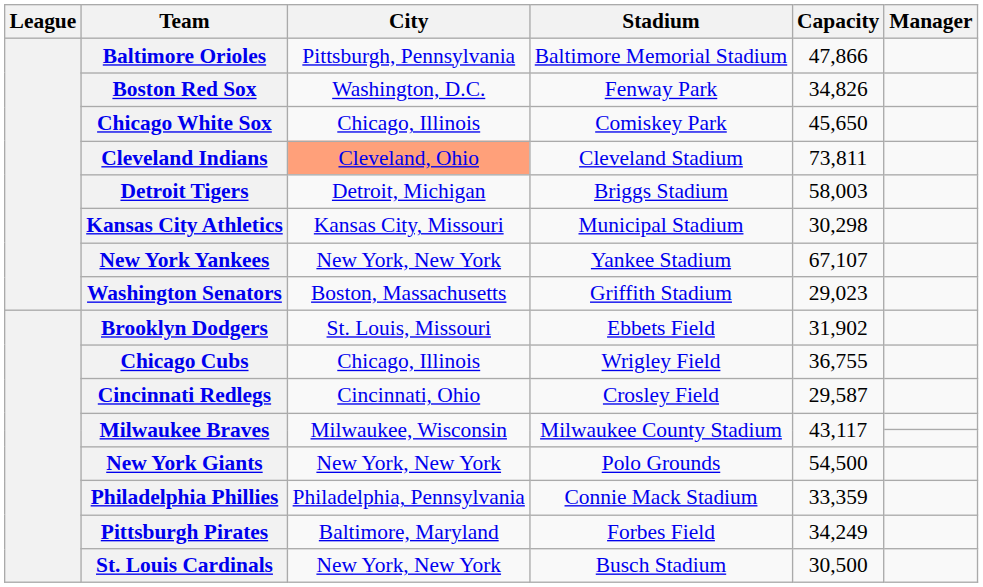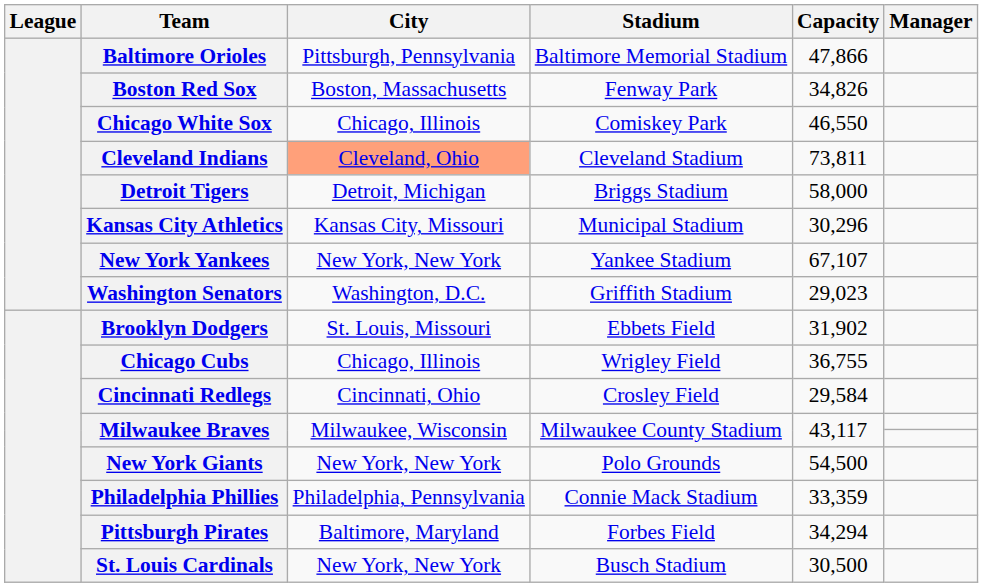 <table class="wikitable sortable plainrowheaders" style="text-align:center;">
 <tr>
 <th scope="col">League</th>
 <th scope="col">Team</th>
 <th scope="col">City</th>
 <th scope="col">Stadium</th>
 <th scope="col">Capacity</th>
 <th scope="col">Manager</th>
 </tr>
 <tr>
 <th rowspan="8"></th>
 <th scope="row"><a href='#'>Baltimore Orioles</a></th>
 <td><a href='#'>Pittsburgh, Pennsylvania</a></td>
 <td><a href='#'>Baltimore Memorial Stadium</a></td>
 <td>47,866</td>
 <td></td>
 </tr>
 <tr>
 <th scope="row"><a href='#'>Boston Red Sox</a></th>
-<td><a href='#'>Washington, D.C.</a></td>
+<td><a href='#'>Boston, Massachusetts</a></td>
 <td><a href='#'>Fenway Park</a></td>
 <td>34,826</td>
 <td></td>
 </tr>
 <tr>
 <th scope="row"><a href='#'>Chicago White Sox</a></th>
 <td><a href='#'>Chicago, Illinois</a></td>
 <td><a href='#'>Comiskey Park</a></td>
-<td>45,650</td>
+<td>46,550</td>
 <td></td>
 </tr>
 <tr>
 <th scope="row"><a href='#'>Cleveland Indians</a></th>
 <td style="background: lightsalmon;"><a href='#'>Cleveland, Ohio</a></td>
 <td><a href='#'>Cleveland Stadium</a></td>
 <td>73,811</td>
 <td></td>
 </tr>
 <tr>
 <th scope="row"><a href='#'>Detroit Tigers</a></th>
 <td><a href='#'>Detroit, Michigan</a></td>
 <td><a href='#'>Briggs Stadium</a></td>
-<td>58,003</td>
+<td>58,000</td>
 <td></td>
 </tr>
 <tr>
 <th scope="row"><a href='#'>Kansas City Athletics</a></th>
 <td><a href='#'>Kansas City, Missouri</a></td>
 <td><a href='#'>Municipal Stadium</a></td>
-<td>30,298</td>
+<td>30,296</td>
 <td></td>
 </tr>
 <tr>
 <th scope="row"><a href='#'>New York Yankees</a></th>
 <td><a href='#'>New York, New York</a></td>
 <td><a href='#'>Yankee Stadium</a></td>
 <td>67,107</td>
 <td></td>
 </tr>
 <tr>
 <th scope="row"><a href='#'>Washington Senators</a></th>
-<td><a href='#'>Boston, Massachusetts</a></td>
+<td><a href='#'>Washington, D.C.</a></td>
 <td><a href='#'>Griffith Stadium</a></td>
 <td>29,023</td>
 <td></td>
 </tr>
 <tr>
 <th rowspan="9"></th>
 <th scope="row"><a href='#'>Brooklyn Dodgers</a></th>
 <td><a href='#'>St. Louis, Missouri</a></td>
 <td><a href='#'>Ebbets Field</a></td>
 <td>31,902</td>
 <td></td>
 </tr>
 <tr>
 <th scope="row"><a href='#'>Chicago Cubs</a></th>
 <td><a href='#'>Chicago, Illinois</a></td>
 <td><a href='#'>Wrigley Field</a></td>
 <td>36,755</td>
 <td></td>
 </tr>
 <tr>
 <th scope="row"><a href='#'>Cincinnati Redlegs</a></th>
 <td><a href='#'>Cincinnati, Ohio</a></td>
 <td><a href='#'>Crosley Field</a></td>
-<td>29,587</td>
+<td>29,584</td>
 <td></td>
 </tr>
 <tr>
 <th rowspan="2" scope="row"><a href='#'>Milwaukee Braves</a></th>
 <td rowspan="2"><a href='#'>Milwaukee, Wisconsin</a></td>
 <td rowspan="2"><a href='#'>Milwaukee County Stadium</a></td>
 <td rowspan="2">43,117</td>
 <td></td>
 </tr>
 <tr>
 <td></td>
 </tr>
 <tr>
 <th scope="row"><a href='#'>New York Giants</a></th>
 <td><a href='#'>New York, New York</a></td>
 <td><a href='#'>Polo Grounds</a></td>
 <td>54,500</td>
 <td></td>
 </tr>
 <tr>
 <th scope="row"><a href='#'>Philadelphia Phillies</a></th>
 <td><a href='#'>Philadelphia, Pennsylvania</a></td>
 <td><a href='#'>Connie Mack Stadium</a></td>
 <td>33,359</td>
 <td></td>
 </tr>
 <tr>
 <th scope="row"><a href='#'>Pittsburgh Pirates</a></th>
 <td><a href='#'>Baltimore, Maryland</a></td>
 <td><a href='#'>Forbes Field</a></td>
-<td>34,249</td>
+<td>34,294</td>
 <td></td>
 </tr>
 <tr>
 <th scope="row"><a href='#'>St. Louis Cardinals</a></th>
 <td><a href='#'>New York, New York</a></td>
 <td><a href='#'>Busch Stadium</a></td>
 <td>30,500</td>
 <td></td>
 </tr>
 </table>
